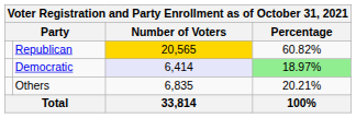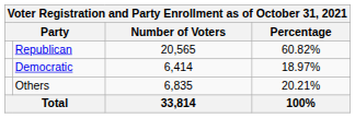 <table class=wikitable>
 <tr>
 <th colspan = 6>Voter Registration and Party Enrollment as of October 31, 2021</th>
 </tr>
 <tr>
 <th colspan = 2>Party</th>
 <th>Number of Voters</th>
 <th>Percentage</th>
 </tr>
 <tr>
 <td></td>
 <td><a href='#'>Republican</a></td>
-<td align = center style="background: gold;">20,565</td>
+<td align = center>20,565</td>
 <td align = center>60.82%</td>
 </tr>
 <tr>
 <td></td>
 <td><a href='#'>Democratic</a></td>
-<td align = center style="background: lavender;">6,414</td>
-<td align = center style="background: lightgreen;">18.97%</td>
+<td align = center>6,414</td>
+<td align = center>18.97%</td>
 </tr>
 <tr>
 <td></td>
 <td>Others</td>
 <td align = center>6,835</td>
 <td align = center>20.21%</td>
 </tr>
 <tr>
 <th colspan = 2>Total</th>
 <th align = center>33,814</th>
 <th align = center>100%</th>
 </tr>
 </table>
